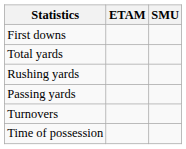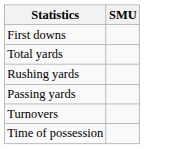 <table class="wikitable" style="float:left">
 <tr>
 <th>Statistics</th>
-<th>ETAM</th>
 <th>SMU</th>
 </tr>
 <tr>
 <td>First downs</td>
 <td></td>
-<td></td>
 </tr>
 <tr>
 <td>Total yards</td>
-<td></td>
 <td></td>
 </tr>
 <tr>
 <td>Rushing yards</td>
 <td></td>
-<td></td>
 </tr>
 <tr>
 <td>Passing yards</td>
-<td></td>
 <td></td>
 </tr>
 <tr>
 <td>Turnovers</td>
 <td></td>
-<td></td>
 </tr>
 <tr>
 <td>Time of possession</td>
 <td></td>
-<td></td>
 </tr>
 </table>
